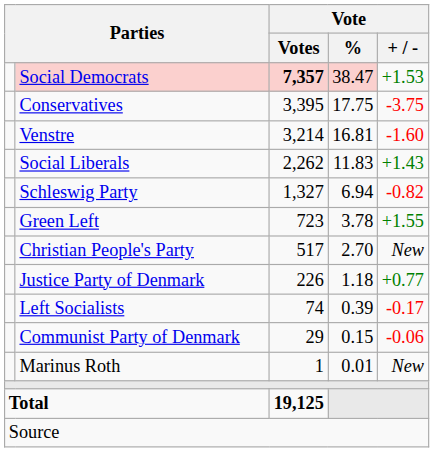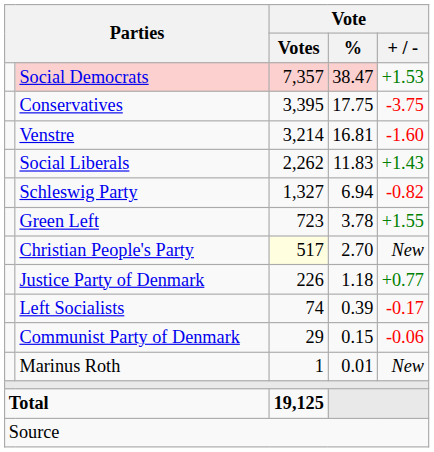 <table class="wikitable" style="text-align:right;">
 <tr>
 <th style="text-align:centre;" rowspan="2" colspan="2" width="225">Parties</th>
 <th colspan="3">Vote</th>
 </tr>
 <tr>
 <th width="15">Votes</th>
 <th width="15">%</th>
 <th width="15">+ / -</th>
 </tr>
 <tr>
 <td width="2" style="color:inherit;background:"></td>
 <td bgcolor=#fbd0ce  align="left"><a href='#'>Social Democrats</a></td>
-<td bgcolor=#fbd0ce><strong>7,357</strong></td>
+<td bgcolor=#fbd0ce>7,357</td>
 <td bgcolor=#fbd0ce>38.47</td>
 <td style=color:green;>+1.53</td>
 </tr>
 <tr>
 <td width="2" style="color:inherit;background:"></td>
 <td align="left"><a href='#'>Conservatives</a></td>
 <td>3,395</td>
 <td>17.75</td>
 <td style=color:red;>-3.75</td>
 </tr>
 <tr>
 <td width="2" style="color:inherit;background:"></td>
 <td align="left"><a href='#'>Venstre</a></td>
 <td>3,214</td>
 <td>16.81</td>
 <td style=color:red;>-1.60</td>
 </tr>
 <tr>
 <td width="2" style="color:inherit;background:"></td>
 <td align="left"><a href='#'>Social Liberals</a></td>
 <td>2,262</td>
 <td>11.83</td>
 <td style=color:green;>+1.43</td>
 </tr>
 <tr>
 <td width="2" style="color:inherit;background:"></td>
 <td align="left"><a href='#'>Schleswig Party</a></td>
 <td>1,327</td>
 <td>6.94</td>
 <td style=color:red;>-0.82</td>
 </tr>
 <tr>
 <td width="2" style="color:inherit;background:"></td>
 <td align="left"><a href='#'>Green Left</a></td>
 <td>723</td>
 <td>3.78</td>
 <td style=color:green;>+1.55</td>
 </tr>
 <tr>
 <td width="2" style="color:inherit;background:"></td>
 <td align="left"><a href='#'>Christian People's Party</a></td>
-<td>517</td>
+<td style="background: lightyellow;">517</td>
 <td>2.70</td>
 <td><em>New</em></td>
 </tr>
 <tr>
 <td width="2" style="color:inherit;background:"></td>
 <td align="left"><a href='#'>Justice Party of Denmark</a></td>
 <td>226</td>
 <td>1.18</td>
 <td style=color:green;>+0.77</td>
 </tr>
 <tr>
 <td width="2" style="color:inherit;background:"></td>
 <td align="left"><a href='#'>Left Socialists</a></td>
 <td>74</td>
 <td>0.39</td>
 <td style=color:red;>-0.17</td>
 </tr>
 <tr>
 <td width="2" style="color:inherit;background:"></td>
 <td align="left"><a href='#'>Communist Party of Denmark</a></td>
 <td>29</td>
 <td>0.15</td>
 <td style=color:red;>-0.06</td>
 </tr>
 <tr>
 <td width="2" style="color:inherit;background:"></td>
 <td align="left">Marinus Roth</td>
 <td>1</td>
 <td>0.01</td>
 <td><em>New</em></td>
 </tr>
 <tr>
 <td colspan="7" bgcolor="#E9E9E9"></td>
 </tr>
 <tr>
 <td align="left" colspan="2"><strong>Total</strong></td>
 <td><strong>19,125</strong></td>
 <td bgcolor="#E9E9E9" colspan="2"></td>
 </tr>
 <tr>
 <td align="left" colspan="6">Source</td>
 </tr>
 </table>
